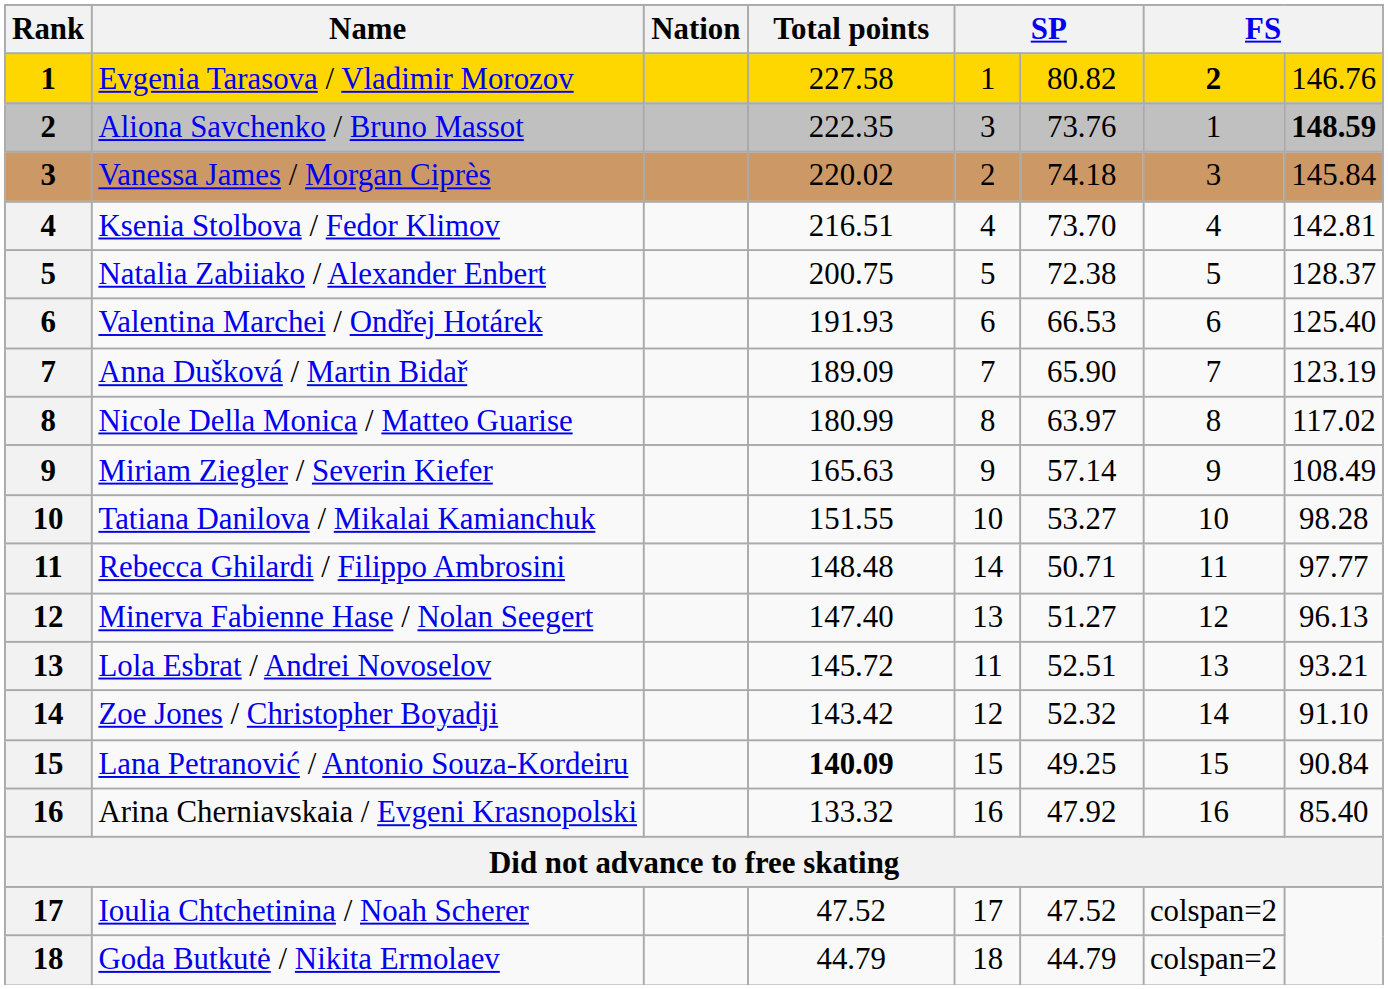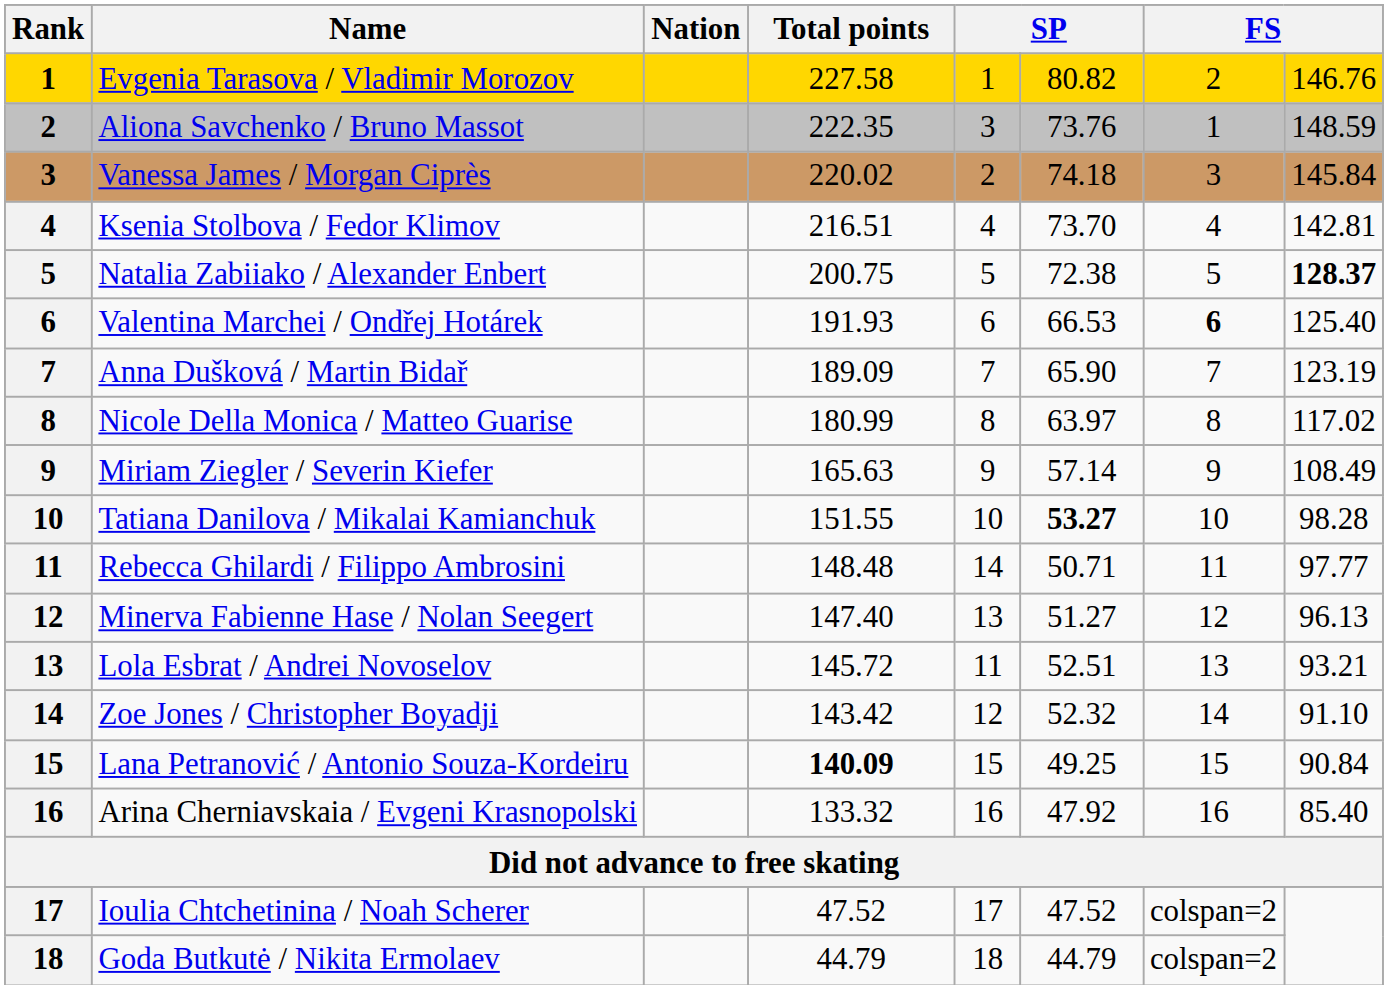 <table class="wikitable sortable">
 <tr>
 <th>Rank</th>
 <th>Name</th>
 <th>Nation</th>
 <th width="100px">Total points</th>
 <th colspan="2" width="90px"><a href='#'>SP</a></th>
 <th colspan="2" width="90px"><a href='#'>FS</a></th>
 </tr>
 <tr bgcolor="gold">
 <td align="center" bgcolor="gold"><strong>1</strong></td>
 <td><a href='#'>Evgenia Tarasova</a> / <a href='#'>Vladimir Morozov</a></td>
 <td></td>
 <td align="center">227.58</td>
 <td align="center">1</td>
 <td align="center">80.82</td>
-<td align="center"><strong>2</strong></td>
+<td align="center">2</td>
 <td align="center">146.76</td>
 </tr>
 <tr bgcolor="silver">
 <td align="center" bgcolor="silver"><strong>2</strong></td>
 <td><a href='#'>Aliona Savchenko</a> / <a href='#'>Bruno Massot</a></td>
 <td></td>
 <td align="center">222.35</td>
 <td align="center">3</td>
 <td align="center">73.76</td>
 <td align="center">1</td>
-<td align="center"><strong>148.59</strong></td>
+<td align="center">148.59</td>
 </tr>
 <tr bgcolor="#cc9966">
 <td align="center" bgcolor="#cc9966"><strong>3</strong></td>
 <td><a href='#'>Vanessa James</a> / <a href='#'>Morgan Ciprès</a></td>
 <td></td>
 <td align="center">220.02</td>
 <td align="center">2</td>
 <td align="center">74.18</td>
 <td align="center">3</td>
 <td align="center">145.84</td>
 </tr>
 <tr>
 <th>4</th>
 <td><a href='#'>Ksenia Stolbova</a> / <a href='#'>Fedor Klimov</a></td>
 <td></td>
 <td align="center">216.51</td>
 <td align="center">4</td>
 <td align="center">73.70</td>
 <td align="center">4</td>
 <td align="center">142.81</td>
 </tr>
 <tr>
 <th>5</th>
 <td><a href='#'>Natalia Zabiiako</a> / <a href='#'>Alexander Enbert</a></td>
 <td></td>
 <td align="center">200.75</td>
 <td align="center">5</td>
 <td align="center">72.38</td>
 <td align="center">5</td>
-<td align="center">128.37</td>
+<td align="center"><strong>128.37</strong></td>
 </tr>
 <tr>
 <th>6</th>
 <td><a href='#'>Valentina Marchei</a> / <a href='#'>Ondřej Hotárek</a></td>
 <td></td>
 <td align="center">191.93</td>
 <td align="center">6</td>
 <td align="center">66.53</td>
-<td align="center">6</td>
+<td align="center"><strong>6</strong></td>
 <td align="center">125.40</td>
 </tr>
 <tr>
 <th>7</th>
 <td><a href='#'>Anna Dušková</a> / <a href='#'>Martin Bidař</a></td>
 <td></td>
 <td align="center">189.09</td>
 <td align="center">7</td>
 <td align="center">65.90</td>
 <td align="center">7</td>
 <td align="center">123.19</td>
 </tr>
 <tr>
 <th>8</th>
 <td><a href='#'>Nicole Della Monica</a> / <a href='#'>Matteo Guarise</a></td>
 <td></td>
 <td align="center">180.99</td>
 <td align="center">8</td>
 <td align="center">63.97</td>
 <td align="center">8</td>
 <td align="center">117.02</td>
 </tr>
 <tr>
 <th>9</th>
 <td><a href='#'>Miriam Ziegler</a> / <a href='#'>Severin Kiefer</a></td>
 <td></td>
 <td align="center">165.63</td>
 <td align="center">9</td>
 <td align="center">57.14</td>
 <td align="center">9</td>
 <td align="center">108.49</td>
 </tr>
 <tr>
 <th>10</th>
 <td><a href='#'>Tatiana Danilova</a> / <a href='#'>Mikalai Kamianchuk</a></td>
 <td></td>
 <td align="center">151.55</td>
 <td align="center">10</td>
-<td align="center">53.27</td>
+<td align="center"><strong>53.27</strong></td>
 <td align="center">10</td>
 <td align="center">98.28</td>
 </tr>
 <tr>
 <th>11</th>
 <td><a href='#'>Rebecca Ghilardi</a> / <a href='#'>Filippo Ambrosini</a></td>
 <td></td>
 <td align="center">148.48</td>
 <td align="center">14</td>
 <td align="center">50.71</td>
 <td align="center">11</td>
 <td align="center">97.77</td>
 </tr>
 <tr>
 <th>12</th>
 <td><a href='#'>Minerva Fabienne Hase</a> / <a href='#'>Nolan Seegert</a></td>
 <td></td>
 <td align="center">147.40</td>
 <td align="center">13</td>
 <td align="center">51.27</td>
 <td align="center">12</td>
 <td align="center">96.13</td>
 </tr>
 <tr>
 <th>13</th>
 <td><a href='#'>Lola Esbrat</a> / <a href='#'>Andrei Novoselov</a></td>
 <td></td>
 <td align="center">145.72</td>
 <td align="center">11</td>
 <td align="center">52.51</td>
 <td align="center">13</td>
 <td align="center">93.21</td>
 </tr>
 <tr>
 <th>14</th>
 <td><a href='#'>Zoe Jones</a> / <a href='#'>Christopher Boyadji</a></td>
 <td></td>
 <td align="center">143.42</td>
 <td align="center">12</td>
 <td align="center">52.32</td>
 <td align="center">14</td>
 <td align="center">91.10</td>
 </tr>
 <tr>
 <th>15</th>
 <td><a href='#'>Lana Petranović</a> / <a href='#'>Antonio Souza-Kordeiru</a></td>
 <td></td>
 <td align="center"><strong>140.09</strong></td>
 <td align="center">15</td>
 <td align="center">49.25</td>
 <td align="center">15</td>
 <td align="center">90.84</td>
 </tr>
 <tr>
 <th>16</th>
 <td>Arina Cherniavskaia / <a href='#'>Evgeni Krasnopolski</a></td>
 <td></td>
 <td align="center">133.32</td>
 <td align="center">16</td>
 <td align="center">47.92</td>
 <td align="center">16</td>
 <td align="center">85.40</td>
 </tr>
 <tr>
 <th colspan=8>Did not advance to free skating</th>
 </tr>
 <tr>
 <th>17</th>
 <td><a href='#'>Ioulia Chtchetinina</a> / <a href='#'>Noah Scherer</a></td>
 <td></td>
 <td align="center">47.52</td>
 <td align="center">17</td>
 <td align="center">47.52</td>
 <td>colspan=2 </td>
 </tr>
 <tr>
 <th>18</th>
 <td><a href='#'>Goda Butkutė</a> / <a href='#'>Nikita Ermolaev</a></td>
 <td></td>
 <td align="center">44.79</td>
 <td align="center">18</td>
 <td align="center">44.79</td>
 <td>colspan=2 </td>
 </tr>
 </table>
